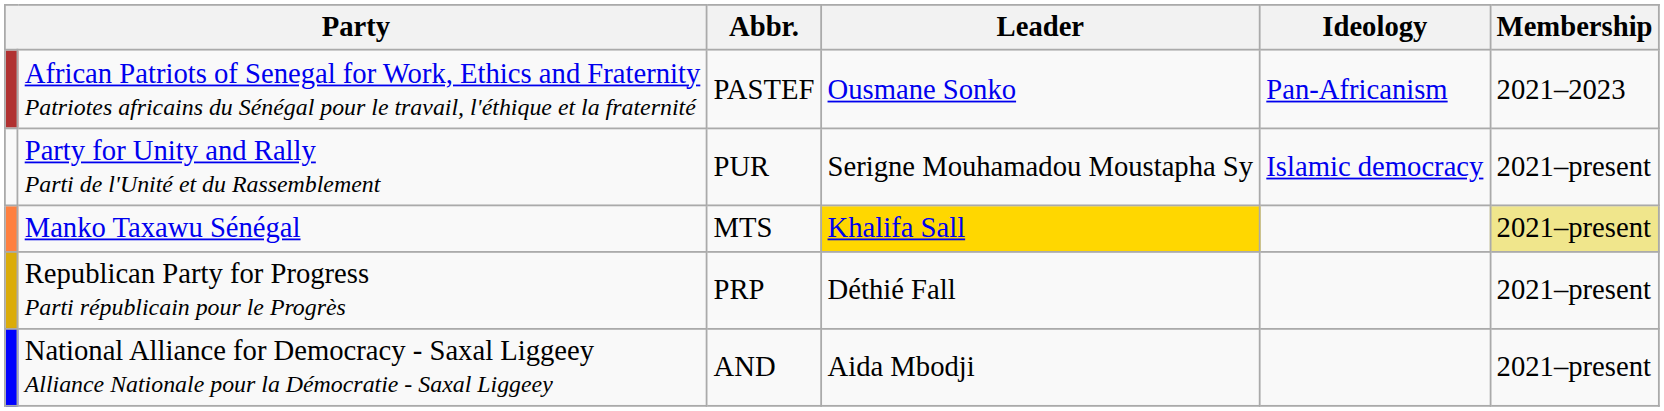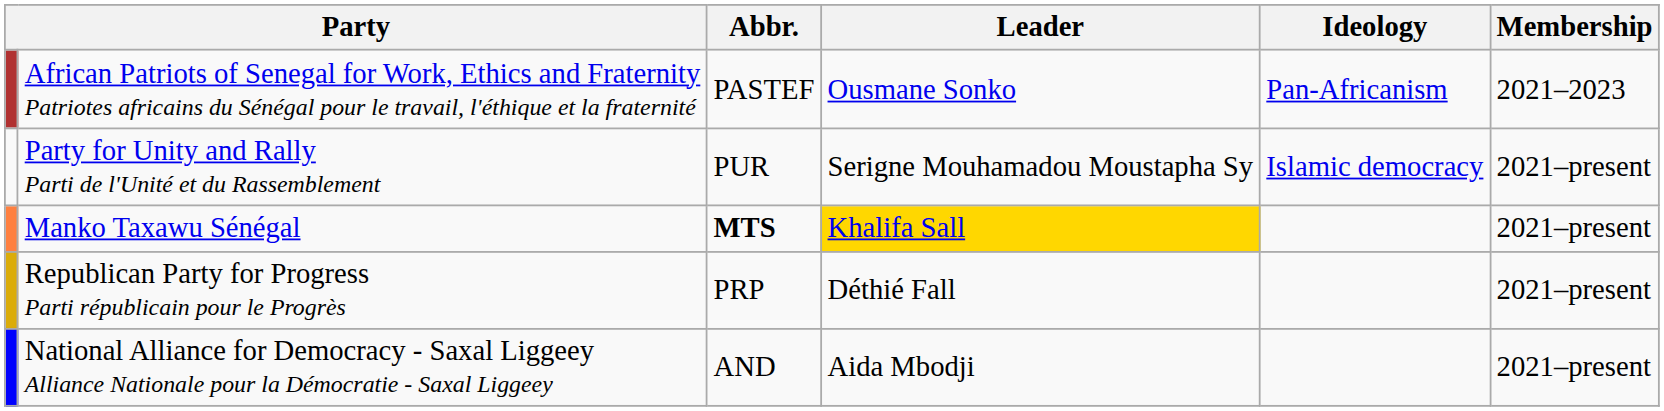 <table class=wikitable>
 <tr>
 <th colspan="2">Party</th>
 <th>Abbr.</th>
 <th>Leader</th>
 <th>Ideology</th>
 <th>Membership</th>
 </tr>
 <tr>
 <td bgcolor=#B13131></td>
 <td><a href='#'>African Patriots of Senegal for Work, Ethics and Fraternity</a><br><small><em>Patriotes africains du Sénégal pour le travail, l'éthique et la fraternité</em></small></td>
 <td>PASTEF</td>
 <td><a href='#'>Ousmane Sonko</a></td>
 <td><a href='#'>Pan-Africanism</a></td>
 <td>2021–2023</td>
 </tr>
 <tr>
 <td bgcolor=></td>
 <td><a href='#'>Party for Unity and Rally</a><br><small><em>Parti de l'Unité et du Rassemblement</em></small></td>
 <td>PUR</td>
 <td>Serigne Mouhamadou Moustapha Sy</td>
 <td><a href='#'>Islamic democracy</a></td>
 <td>2021–present</td>
 </tr>
 <tr>
 <td bgcolor=#FF8040></td>
 <td><a href='#'>Manko Taxawu Sénégal</a></td>
-<td>MTS</td>
+<td><strong>MTS</strong></td>
 <td style="background: gold;"><a href='#'>Khalifa Sall</a></td>
 <td></td>
-<td style="background: khaki;">2021–present</td>
+<td>2021–present</td>
 </tr>
 <tr>
 <td bgcolor=#dbac08></td>
 <td>Republican Party for Progress<br><small><em>Parti républicain pour le Progrès</em></small></td>
 <td>PRP</td>
 <td>Déthié Fall</td>
 <td></td>
 <td>2021–present</td>
 </tr>
 <tr>
 <td bgcolor=#0000fe></td>
 <td>National Alliance for Democracy - Saxal Liggeey<br><small><em>Alliance Nationale pour la Démocratie - Saxal Liggeey</em></small></td>
 <td>AND</td>
 <td>Aida Mbodji</td>
 <td></td>
 <td>2021–present</td>
 </tr>
 </table>
